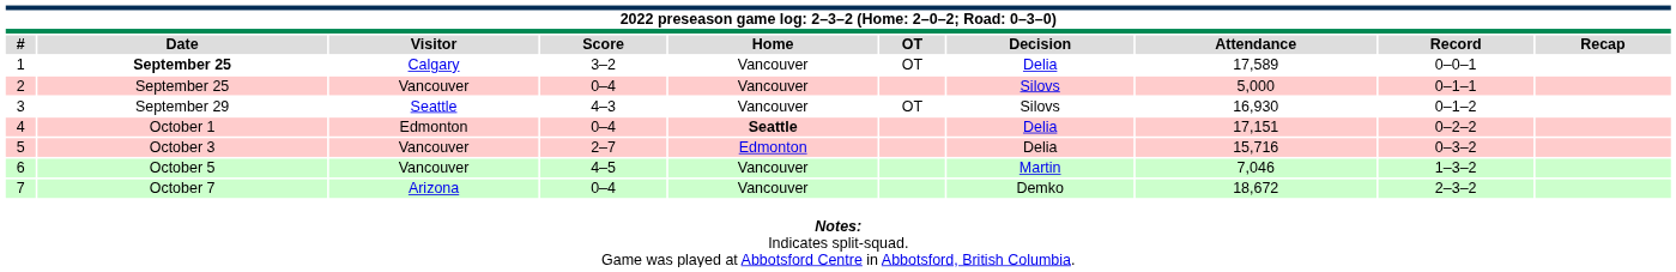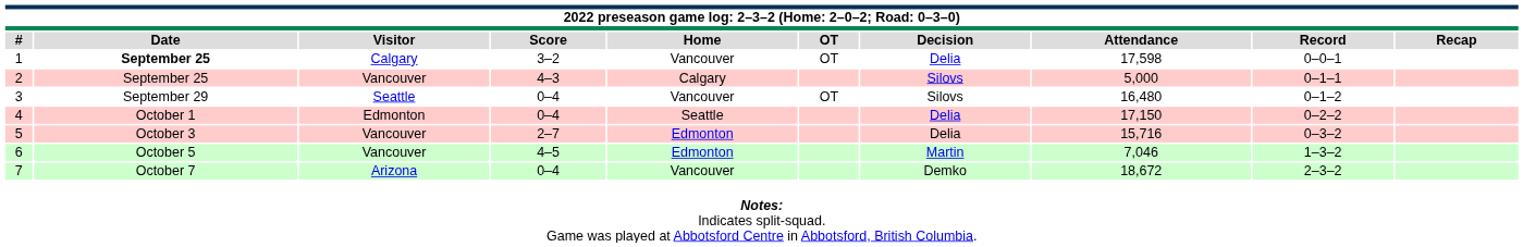 <table class="toccolours collapsible collapsed" style="width:90%; clear:both; margin:1.5em auto; text-align:center;">
 <tr>
 <th colspan="10" style="background:#FFFFFF; border-top:#002D55 5px solid; border-bottom:#008852 5px solid;">2022 preseason game log: 2–3–2 (Home: 2–0–2; Road: 0–3–0)</th>
 </tr>
 <tr style="background:#ddd;">
 <th>#</th>
 <th>Date</th>
 <th>Visitor</th>
 <th>Score</th>
 <th>Home</th>
 <th>OT</th>
 <th>Decision</th>
 <th>Attendance</th>
 <th>Record</th>
 <th>Recap</th>
 </tr>
 <tr style="background:#fff;">
 <td>1</td>
 <td><strong>September 25</strong></td>
 <td><a href='#'>Calgary</a></td>
 <td>3–2</td>
 <td>Vancouver</td>
 <td>OT</td>
 <td><a href='#'>Delia</a></td>
-<td>17,589</td>
+<td>17,598</td>
 <td>0–0–1</td>
 <td></td>
 </tr>
 <tr style="background:#fcc;">
 <td>2</td>
 <td>September 25</td>
 <td>Vancouver</td>
-<td>0–4</td>
-<td>Vancouver</td>
+<td>4–3</td>
+<td>Calgary</td>
 <td></td>
 <td><a href='#'>Silovs</a></td>
 <td>5,000</td>
 <td>0–1–1</td>
 <td></td>
 </tr>
 <tr style="background:#fff;">
 <td>3</td>
 <td>September 29</td>
 <td><a href='#'>Seattle</a></td>
-<td>4–3</td>
+<td>0–4</td>
 <td>Vancouver</td>
 <td>OT</td>
 <td>Silovs</td>
-<td>16,930</td>
+<td>16,480</td>
 <td>0–1–2</td>
 <td></td>
 </tr>
 <tr style="background:#fcc;">
 <td>4</td>
 <td>October 1</td>
 <td>Edmonton</td>
 <td>0–4</td>
-<td><strong>Seattle</strong></td>
+<td>Seattle</td>
 <td></td>
 <td><a href='#'>Delia</a></td>
-<td>17,151</td>
+<td>17,150</td>
 <td>0–2–2</td>
 <td></td>
 </tr>
 <tr style="background:#fcc;">
 <td>5</td>
 <td>October 3</td>
 <td>Vancouver</td>
 <td>2–7</td>
 <td><a href='#'>Edmonton</a></td>
 <td></td>
 <td>Delia</td>
 <td>15,716</td>
 <td>0–3–2</td>
 <td></td>
 </tr>
 <tr style="background:#cfc;">
 <td>6</td>
 <td>October 5</td>
 <td>Vancouver</td>
 <td>4–5</td>
-<td>Vancouver</td>
+<td><a href='#'>Edmonton</a></td>
 <td></td>
 <td><a href='#'>Martin</a></td>
 <td>7,046</td>
 <td>1–3–2</td>
 <td></td>
 </tr>
 <tr style="background:#cfc;">
 <td>7</td>
 <td>October 7</td>
 <td><a href='#'>Arizona</a></td>
 <td>0–4</td>
 <td>Vancouver</td>
 <td></td>
 <td>Demko</td>
 <td>18,672</td>
 <td>2–3–2</td>
 <td></td>
 </tr>
 <tr>
 <td colspan="10" style="text-align:center;"><br><strong><em>Notes:</em></strong><br>  Indicates split-squad.<br> Game was played at <a href='#'>Abbotsford Centre</a> in <a href='#'>Abbotsford, British Columbia</a>.</td>
 </tr>
 </table>
